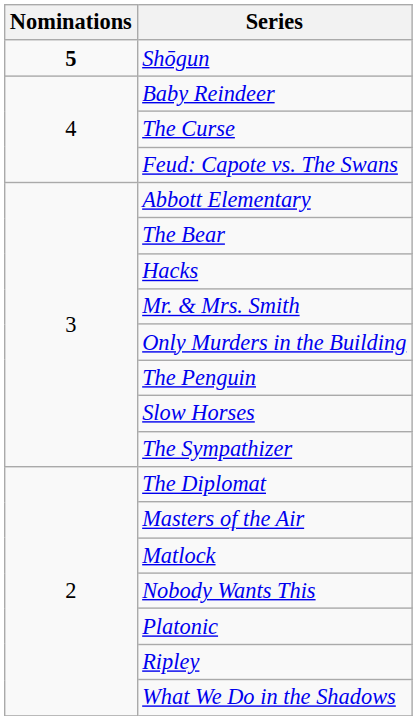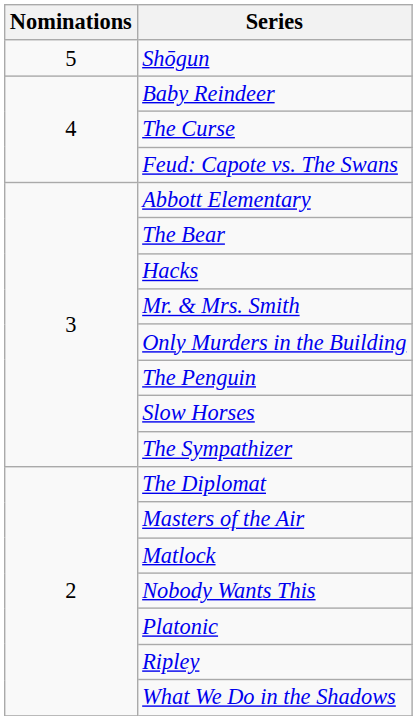 <table class="wikitable">
 <tr>
 <th>Nominations</th>
 <th>Series</th>
 </tr>
 <tr>
-<td style="text-align:center"><strong>5</strong></td>
+<td style="text-align:center">5</td>
 <td><em><a href='#'>Shōgun</a></em></td>
 </tr>
 <tr>
 <td rowspan="3" style="text-align:center">4</td>
 <td><em><a href='#'>Baby Reindeer</a></em></td>
 </tr>
 <tr>
 <td><em><a href='#'>The Curse</a></em></td>
 </tr>
 <tr>
 <td><em><a href='#'>Feud: Capote vs. The Swans</a></em></td>
 </tr>
 <tr>
 <td rowspan="8" style="text-align:center">3</td>
 <td><em><a href='#'>Abbott Elementary</a></em></td>
 </tr>
 <tr>
 <td><em><a href='#'>The Bear</a></em></td>
 </tr>
 <tr>
 <td><em><a href='#'>Hacks</a></em></td>
 </tr>
 <tr>
 <td><em><a href='#'>Mr. & Mrs. Smith</a></em></td>
 </tr>
 <tr>
 <td><em><a href='#'>Only Murders in the Building</a></em></td>
 </tr>
 <tr>
 <td><em><a href='#'>The Penguin</a></em></td>
 </tr>
 <tr>
 <td><em><a href='#'>Slow Horses</a></em></td>
 </tr>
 <tr>
 <td><em><a href='#'>The Sympathizer</a></em></td>
 </tr>
 <tr>
 <td rowspan="7" style="text-align:center">2</td>
 <td><em><a href='#'>The Diplomat</a></em></td>
 </tr>
 <tr>
 <td><em><a href='#'>Masters of the Air</a></em></td>
 </tr>
 <tr>
 <td><em><a href='#'>Matlock</a></em></td>
 </tr>
 <tr>
 <td><em><a href='#'>Nobody Wants This</a></em></td>
 </tr>
 <tr>
 <td><em><a href='#'>Platonic</a></em></td>
 </tr>
 <tr>
 <td><em><a href='#'>Ripley</a></em></td>
 </tr>
 <tr>
 <td><em><a href='#'>What We Do in the Shadows</a></em></td>
 </tr>
 </table>
